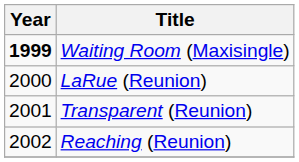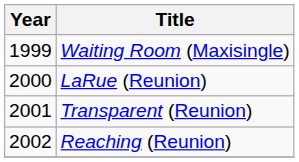 <table class="wikitable">
 <tr>
 <th>Year</th>
 <th>Title</th>
 </tr>
 <tr>
-<td><strong>1999</strong></td>
+<td>1999</td>
 <td><em><a href='#'>Waiting Room</a></em> (<a href='#'>Maxisingle</a>)</td>
 </tr>
 <tr>
 <td>2000</td>
 <td><em><a href='#'>LaRue</a></em> (<a href='#'>Reunion</a>)</td>
 </tr>
 <tr>
 <td>2001</td>
 <td><em><a href='#'>Transparent</a></em> (<a href='#'>Reunion</a>)</td>
 </tr>
 <tr>
 <td>2002</td>
 <td><em><a href='#'>Reaching</a></em> (<a href='#'>Reunion</a>)</td>
 </tr>
 <tr>
 </tr>
 </table>
